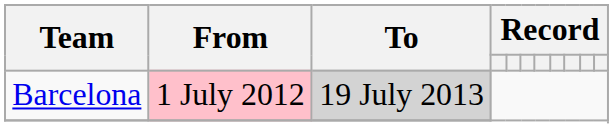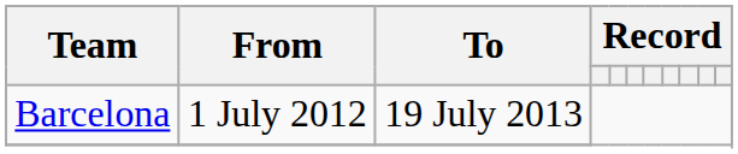 <table class="wikitable" style="text-align: center">
 <tr>
 <th rowspan="2">Team</th>
 <th rowspan="2">From</th>
 <th rowspan="2">To</th>
 <th colspan="8">Record</th>
 </tr>
 <tr>
 <th></th>
 <th></th>
 <th></th>
 <th></th>
 <th></th>
 <th></th>
 <th></th>
 <th></th>
 </tr>
 <tr>
 <td><a href='#'>Barcelona</a></td>
-<td style="background: pink;">1 July 2012</td>
-<td style="background: lightgrey;">19 July 2013<br></td>
+<td>1 July 2012</td>
+<td>19 July 2013<br></td>
 </tr>
 <tr>
 </tr>
 </table>
